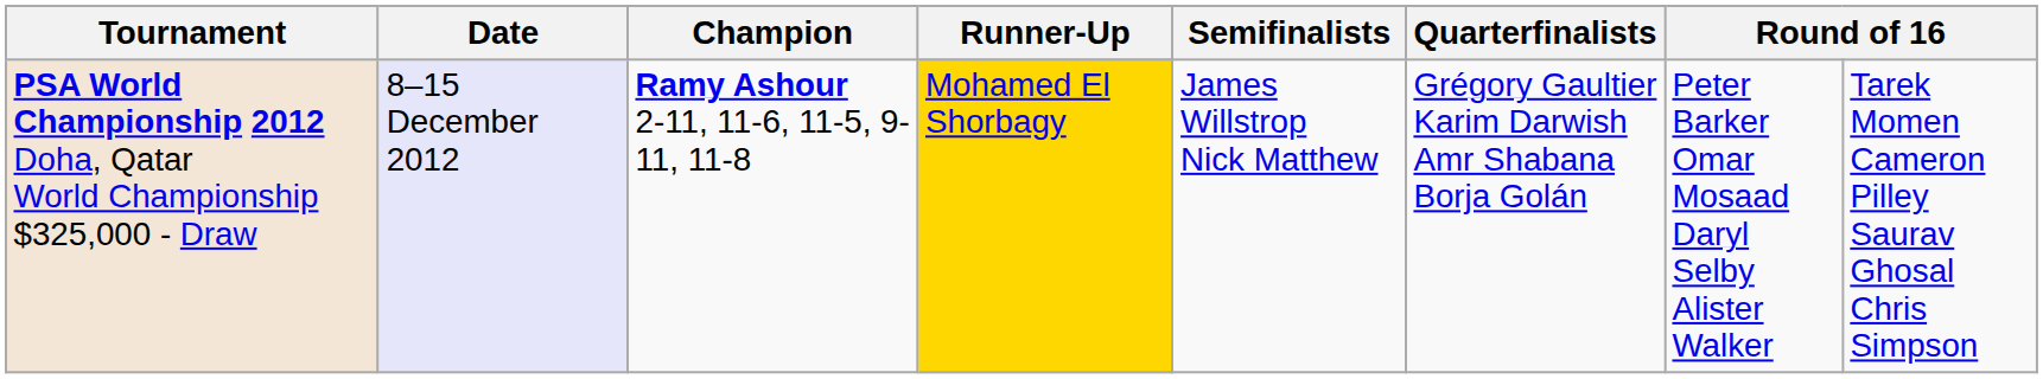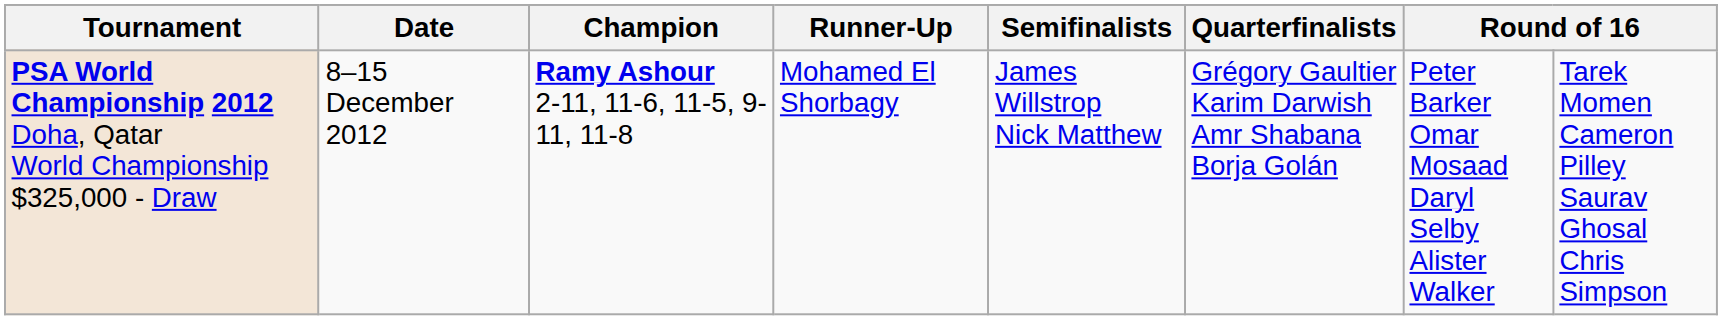 <table class="wikitable" style="font-size:88%">
 <tr>
 <th>Tournament</th>
 <th>Date</th>
 <th>Champion</th>
 <th>Runner-Up</th>
 <th>Semifinalists</th>
 <th>Quarterfinalists</th>
 <th colspan=2>Round of 16</th>
 </tr>
 <tr valign=top>
 <td style="background:#F3E6D7;"><strong><a href='#'>PSA World Championship</a> <a href='#'>2012</a></strong><br> <a href='#'>Doha</a>, Qatar<br><a href='#'>World Championship</a><br>$325,000 - <a href='#'>Draw</a></td>
-<td style="background: lavender;">8–15 December 2012</td>
+<td>8–15 December 2012</td>
 <td> <strong><a href='#'>Ramy Ashour</a></strong><br>2-11, 11-6, 11-5, 9-11, 11-8</td>
-<td style="background: gold;"> <a href='#'>Mohamed El Shorbagy</a></td>
+<td> <a href='#'>Mohamed El Shorbagy</a></td>
 <td> <a href='#'>James Willstrop</a><br> <a href='#'>Nick Matthew</a></td>
 <td> <a href='#'>Grégory Gaultier</a><br> <a href='#'>Karim Darwish</a><br> <a href='#'>Amr Shabana</a><br> <a href='#'>Borja Golán</a></td>
 <td> <a href='#'>Peter Barker</a><br> <a href='#'>Omar Mosaad</a><br>  <a href='#'>Daryl Selby</a><br> <a href='#'>Alister Walker</a></td>
 <td> <a href='#'>Tarek Momen</a><br> <a href='#'>Cameron Pilley</a><br> <a href='#'>Saurav Ghosal</a><br> <a href='#'>Chris Simpson</a></td>
 </tr>
 </table>
